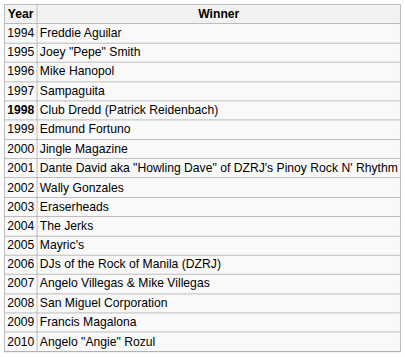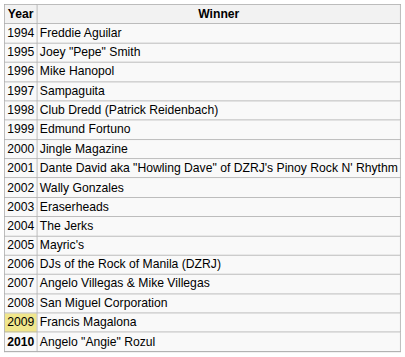 <table class="wikitable">
 <tr>
 <th>Year</th>
 <th>Winner</th>
 </tr>
 <tr>
 <td>1994</td>
 <td>Freddie Aguilar</td>
 </tr>
 <tr>
 <td>1995</td>
 <td>Joey "Pepe" Smith</td>
 </tr>
 <tr>
 <td>1996</td>
 <td>Mike Hanopol</td>
 </tr>
 <tr>
 <td>1997</td>
 <td>Sampaguita</td>
 </tr>
 <tr>
-<td><strong>1998</strong></td>
+<td>1998</td>
 <td>Club Dredd (Patrick Reidenbach)</td>
 </tr>
 <tr>
 <td>1999</td>
 <td>Edmund Fortuno</td>
 </tr>
 <tr>
 <td>2000</td>
 <td>Jingle Magazine</td>
 </tr>
 <tr>
 <td>2001</td>
 <td>Dante David aka "Howling Dave" of DZRJ's Pinoy Rock N' Rhythm</td>
 </tr>
 <tr>
 <td>2002</td>
 <td>Wally Gonzales</td>
 </tr>
 <tr>
 <td>2003</td>
 <td>Eraserheads</td>
 </tr>
 <tr>
 <td>2004</td>
 <td>The Jerks</td>
 </tr>
 <tr>
 <td>2005</td>
 <td>Mayric's</td>
 </tr>
 <tr>
 <td>2006</td>
 <td>DJs of the Rock of Manila (DZRJ)</td>
 </tr>
 <tr>
 <td>2007</td>
 <td>Angelo Villegas & Mike Villegas</td>
 </tr>
 <tr>
 <td>2008</td>
 <td>San Miguel Corporation</td>
 </tr>
 <tr>
-<td>2009</td>
+<td style="background: khaki;">2009</td>
 <td>Francis Magalona</td>
 </tr>
 <tr>
-<td>2010</td>
+<td><strong>2010</strong></td>
 <td>Angelo "Angie" Rozul</td>
 </tr>
 <tr>
 </tr>
 </table>
